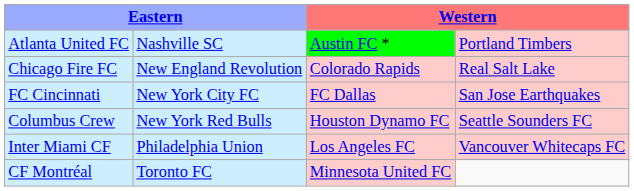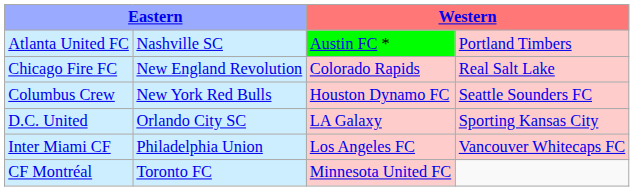 <table class="wikitable">
 <tr>
 <th colspan=2 style="background-color: #9AF;"><a href='#'>Eastern</a></th>
 <th colspan=2 style="background-color: #F77;"><a href='#'>Western</a></th>
 </tr>
 <tr>
 <td style="background-color: #CEF;"><a href='#'>Atlanta United FC</a></td>
 <td style="background-color: #CEF;"><a href='#'>Nashville SC</a></td>
 <td style="background-color: #0F0;"><a href='#'>Austin FC</a> *</td>
 <td style="background-color: #FCC;"><a href='#'>Portland Timbers</a></td>
 </tr>
 <tr>
 <td style="background-color: #CEF;"><a href='#'>Chicago Fire FC</a></td>
 <td style="background-color: #CEF;"><a href='#'>New England Revolution</a></td>
 <td style="background-color: #FCC;"><a href='#'>Colorado Rapids</a></td>
 <td style="background-color: #FCC;"><a href='#'>Real Salt Lake</a></td>
 </tr>
 <tr>
-<td style="background-color: #CEF;"><a href='#'>FC Cincinnati</a></td>
-<td style="background-color: #CEF;"><a href='#'>New York City FC</a></td>
-<td style="background-color: #FCC;"><a href='#'>FC Dallas</a></td>
-<td style="background-color: #FCC;"><a href='#'>San Jose Earthquakes</a></td>
-</tr>
-<tr>
 <td style="background-color: #CEF;"><a href='#'>Columbus Crew</a></td>
 <td style="background-color: #CEF;"><a href='#'>New York Red Bulls</a></td>
 <td style="background-color: #FCC;"><a href='#'>Houston Dynamo FC</a></td>
 <td style="background-color: #FCC;"><a href='#'>Seattle Sounders FC</a></td>
+</tr>
+<tr>
+<td style="background-color: #CEF;"><a href='#'>D.C. United</a></td>
+<td style="background-color: #CEF;"><a href='#'>Orlando City SC</a></td>
+<td style="background-color: #FCC;"><a href='#'>LA Galaxy</a></td>
+<td style="background-color: #FCC;"><a href='#'>Sporting Kansas City</a></td>
 </tr>
 <tr>
 <td style="background-color: #CEF;"><a href='#'>Inter Miami CF</a></td>
 <td style="background-color: #CEF;"><a href='#'>Philadelphia Union</a></td>
 <td style="background-color: #FCC;"><a href='#'>Los Angeles FC</a></td>
 <td style="background-color: #FCC;"><a href='#'>Vancouver Whitecaps FC</a></td>
 </tr>
 <tr>
 <td style="background-color: #CEF;"><a href='#'>CF Montréal</a></td>
 <td style="background-color: #CEF;"><a href='#'>Toronto FC</a></td>
 <td style="background-color: #FCC;"><a href='#'>Minnesota United FC</a></td>
 </tr>
 </table>
